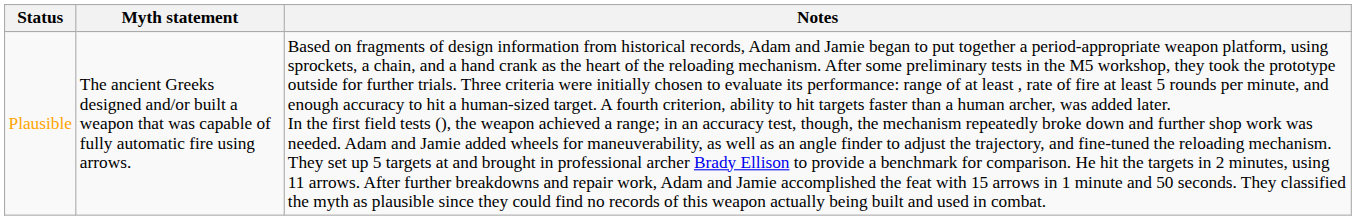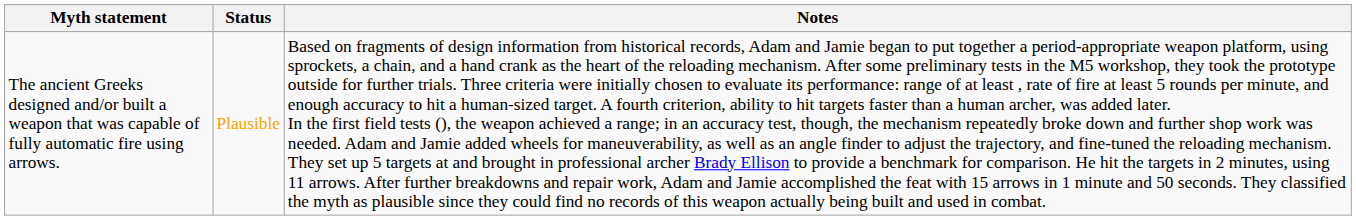 <table class="wikitable plainrowheaders">
 <tr>
+<th>Myth statement</th>
 <th>Status</th>
-<th>Myth statement</th>
 <th>Notes</th>
 </tr>
 <tr>
+<td>The ancient Greeks designed and/or built a weapon that was capable of fully automatic fire using arrows.</td>
 <td style="color:orange">Plausible</td>
-<td>The ancient Greeks designed and/or built a weapon that was capable of fully automatic fire using arrows.</td>
 <td>Based on fragments of design information from historical records, Adam and Jamie began to put together a period-appropriate weapon platform, using sprockets, a chain, and a hand crank as the heart of the reloading mechanism. After some preliminary tests in the M5 workshop, they took the prototype outside for further trials. Three criteria were initially chosen to evaluate its performance: range of at least , rate of fire at least 5 rounds per minute, and enough accuracy to hit a human-sized target. A fourth criterion, ability to hit targets faster than a human archer, was added later.<br>In the first field tests (), the weapon achieved a  range; in an accuracy test, though, the mechanism repeatedly broke down and further shop work was needed. Adam and Jamie added wheels for maneuverability, as well as an angle finder to adjust the trajectory, and fine-tuned the reloading mechanism. They set up 5 targets at  and brought in professional archer <a href='#'>Brady Ellison</a> to provide a benchmark for comparison. He hit the targets in 2 minutes, using 11 arrows. After further breakdowns and repair work, Adam and Jamie accomplished the feat with 15 arrows in 1 minute and 50 seconds. They classified the myth as plausible since they could find no records of this weapon actually being built and used in combat.</td>
 </tr>
 </table>
